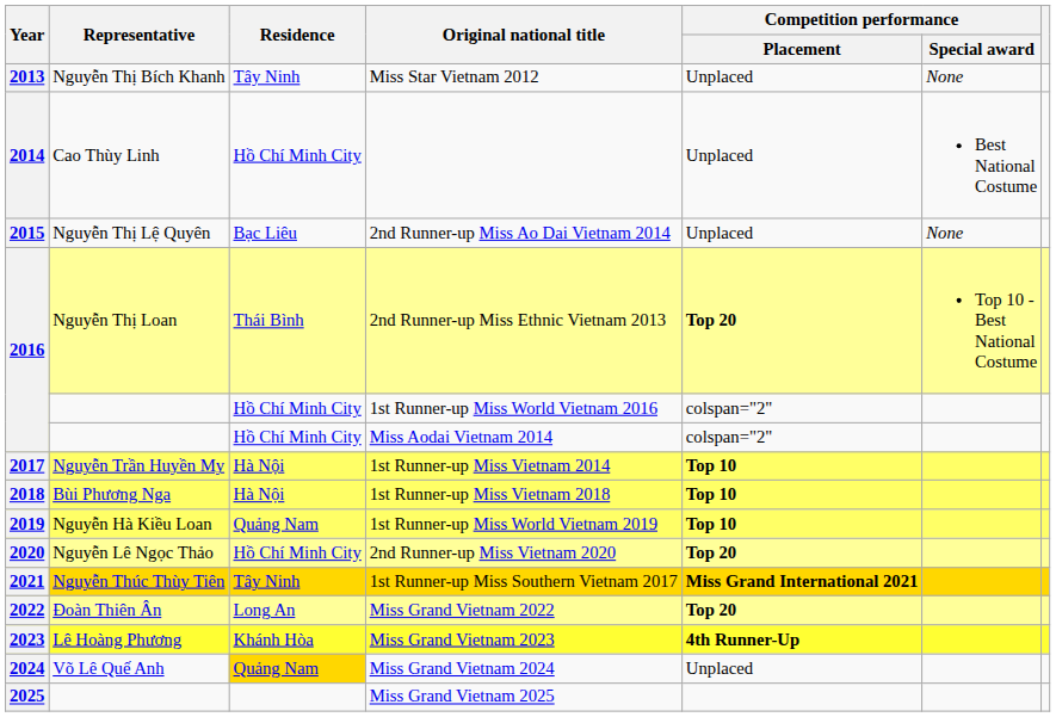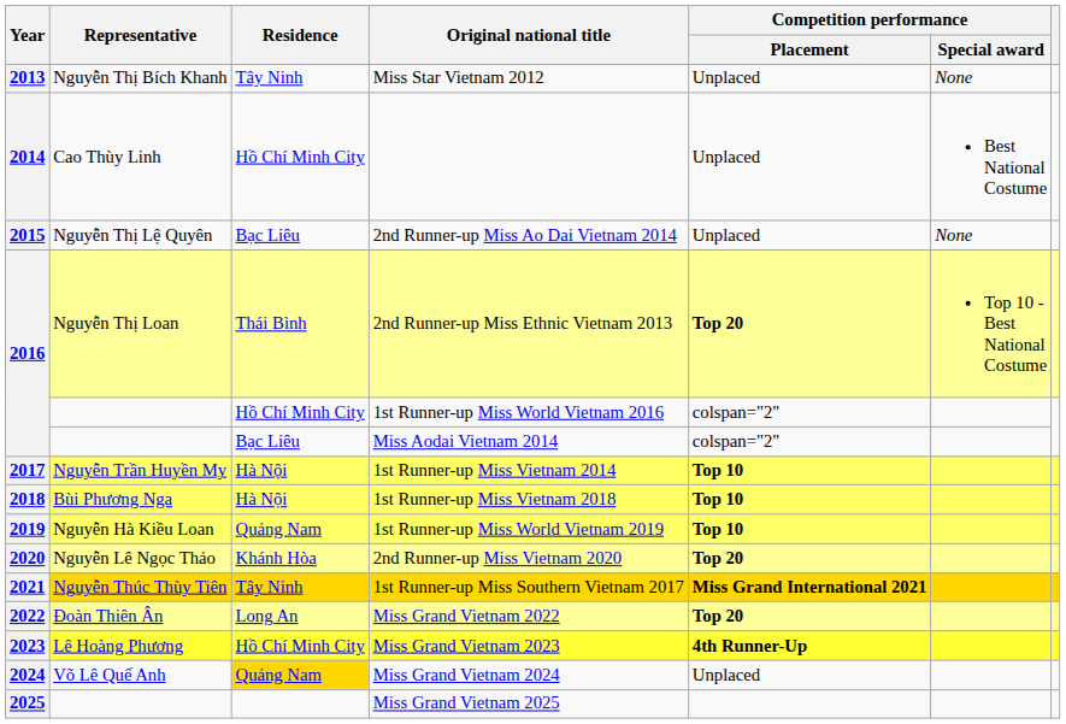 <table class="wikitable defaultcenter col2left" style="font-size:90%;">
 <tr>
 <th rowspan=2>Year</th>
 <th rowspan=2>Representative</th>
 <th rowspan=2>Residence</th>
 <th rowspan=2>Original national title</th>
 <th colspan=2>Competition performance</th>
 <th rowspan=2></th>
 </tr>
 <tr>
 <th>Placement</th>
 <th width=50px>Special award</th>
 </tr>
 <tr>
 <th><a href='#'>2013</a></th>
 <td>Nguyễn Thị Bích Khanh</td>
 <td><a href='#'>Tây Ninh</a></td>
 <td>Miss Star Vietnam 2012</td>
 <td>Unplaced</td>
 <td><em>None</em></td>
 <td></td>
 </tr>
 <tr>
 <th><a href='#'>2014</a></th>
 <td>Cao Thùy Linh</td>
 <td><a href='#'>Hồ Chí Minh City</a></td>
 <td></td>
 <td>Unplaced</td>
 <td><br><ul><li>Best National Costume</li></ul></td>
 <td></td>
 </tr>
 <tr>
 <th><a href='#'>2015</a></th>
 <td>Nguyễn Thị Lệ Quyên</td>
 <td><a href='#'>Bạc Liêu</a></td>
 <td>2nd Runner-up <a href='#'>Miss Ao Dai Vietnam 2014</a></td>
 <td>Unplaced</td>
 <td><em>None</em></td>
 <td></td>
 </tr>
 <tr style="background-color:#FFFF99; : bold">
 <th rowspan="3"><a href='#'>2016</a></th>
 <td>Nguyễn Thị Loan</td>
 <td><a href='#'>Thái Bình</a></td>
 <td>2nd Runner-up Miss Ethnic Vietnam 2013</td>
 <td><strong>Top 20</strong></td>
 <td><br><ul><li>Top 10 - Best National Costume</li></ul></td>
 <td></td>
 </tr>
 <tr>
 <td></td>
 <td><a href='#'>Hồ Chí Minh City</a></td>
 <td>1st Runner-up <a href='#'>Miss World Vietnam 2016</a></td>
 <td>colspan="2" </td>
 <td></td>
 </tr>
 <tr>
 <td></td>
-<td><a href='#'>Hồ Chí Minh City</a></td>
+<td><a href='#'>Bạc Liêu</a></td>
 <td><a href='#'>Miss Aodai Vietnam 2014</a></td>
 <td>colspan="2" </td>
 <td></td>
 </tr>
 <tr style="background-color:#FFFF66; : bold">
 <th><a href='#'>2017</a></th>
 <td><a href='#'>Nguyễn Trần Huyền My</a></td>
 <td><a href='#'>Hà Nội</a></td>
 <td>1st Runner-up <a href='#'>Miss Vietnam 2014</a></td>
 <td><strong>Top 10</strong></td>
 <td style="background:;"></td>
 <td></td>
 </tr>
 <tr style="background-color:#FFFF66; : bold">
 <th><a href='#'>2018</a></th>
 <td><a href='#'>Bùi Phương Nga</a></td>
 <td><a href='#'>Hà Nội</a></td>
 <td>1st Runner-up <a href='#'>Miss Vietnam 2018</a></td>
 <td><strong>Top 10</strong></td>
 <td style="background:;"></td>
 <td></td>
 </tr>
 <tr style="background-color:#FFFF66; : bold">
 <th><a href='#'>2019</a></th>
 <td>Nguyễn Hà Kiều Loan</td>
 <td><a href='#'>Quảng Nam</a></td>
 <td>1st Runner-up <a href='#'>Miss World Vietnam 2019</a></td>
 <td><strong>Top 10</strong></td>
 <td style="background:;"></td>
 <td></td>
 </tr>
 <tr style="background-color:#FFFF99;: bold">
 <th><a href='#'>2020</a></th>
 <td>Nguyễn Lê Ngọc Thảo</td>
-<td><a href='#'>Hồ Chí Minh City</a></td>
+<td><a href='#'>Khánh Hòa</a></td>
 <td>2nd Runner-up <a href='#'>Miss Vietnam 2020</a></td>
 <td><strong>Top 20</strong></td>
 <td style="background:;"></td>
 <td></td>
 </tr>
 <tr style="background-color:gold; : bold">
 <th><a href='#'>2021</a></th>
 <td><a href='#'>Nguyễn Thúc Thùy Tiên</a></td>
 <td><a href='#'>Tây Ninh</a></td>
 <td>1st Runner-up Miss Southern Vietnam 2017</td>
 <td><strong>Miss Grand International 2021</strong></td>
 <td style="background:;"></td>
 <td></td>
 </tr>
 <tr style="background-color:#FFFF99;: bold">
 <th><a href='#'>2022</a></th>
 <td><a href='#'>Đoàn Thiên Ân</a></td>
 <td><a href='#'>Long An</a></td>
 <td><a href='#'>Miss Grand Vietnam 2022</a></td>
 <td><strong>Top 20</strong></td>
 <td style="background:;"></td>
 <td></td>
 </tr>
 <tr style="background-color:#FFFF33;: bold">
 <th><a href='#'>2023</a></th>
 <td><a href='#'>Lê Hoàng Phương</a></td>
-<td><a href='#'>Khánh Hòa</a></td>
+<td><a href='#'>Hồ Chí Minh City</a></td>
 <td><a href='#'>Miss Grand Vietnam 2023</a></td>
 <td><strong>4th Runner-Up</strong></td>
 <td style="background:;"></td>
 <td></td>
 </tr>
 <tr>
 <th><a href='#'>2024</a></th>
 <td><a href='#'>Võ Lê Quế Anh</a></td>
 <td style="background: gold;"><a href='#'>Quảng Nam</a></td>
 <td><a href='#'>Miss Grand Vietnam 2024</a></td>
 <td>Unplaced</td>
 <td style="background:;"></td>
 <td></td>
 </tr>
 <tr>
 <th><a href='#'>2025</a></th>
 <td></td>
 <td></td>
 <td><a href='#'>Miss Grand Vietnam 2025</a></td>
 <td></td>
 <td></td>
 <td></td>
 </tr>
 </table>
